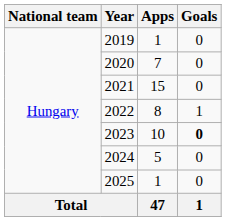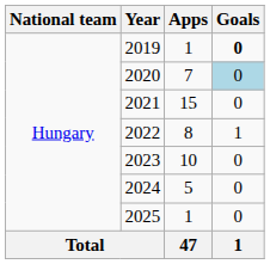 <table class="wikitable" style="text-align:center">
 <tr>
 <th>National team</th>
 <th>Year</th>
 <th>Apps</th>
 <th>Goals</th>
 </tr>
 <tr>
 <td rowspan="7"><a href='#'>Hungary</a></td>
 <td>2019</td>
 <td>1</td>
-<td>0</td>
+<td><strong>0</strong></td>
 </tr>
 <tr>
 <td>2020</td>
 <td>7</td>
-<td>0</td>
+<td style="background: lightblue;">0</td>
 </tr>
 <tr>
 <td>2021</td>
 <td>15</td>
 <td>0</td>
 </tr>
 <tr>
 <td>2022</td>
 <td>8</td>
 <td>1</td>
 </tr>
 <tr>
 <td>2023</td>
 <td>10</td>
-<td><strong>0</strong></td>
+<td>0</td>
 </tr>
 <tr>
 <td>2024</td>
 <td>5</td>
 <td>0</td>
 </tr>
 <tr>
 <td>2025</td>
 <td>1</td>
 <td>0</td>
 </tr>
 <tr>
 <th colspan="2">Total</th>
 <th>47</th>
 <th>1</th>
 </tr>
 </table>
